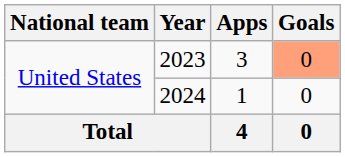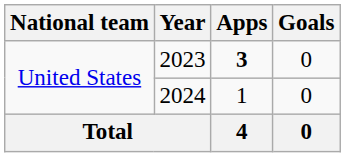 <table class="wikitable" style="text-align:center">
 <tr>
 <th>National team</th>
 <th>Year</th>
 <th>Apps</th>
 <th>Goals</th>
 </tr>
 <tr>
 <td rowspan="2"><a href='#'>United States</a></td>
 <td>2023</td>
-<td>3</td>
-<td style="background: lightsalmon;">0</td>
+<td><strong>3</strong></td>
+<td>0</td>
 </tr>
 <tr>
 <td>2024</td>
 <td>1</td>
 <td>0</td>
 </tr>
 <tr>
 <th colspan="2">Total</th>
 <th>4</th>
 <th>0</th>
 </tr>
 </table>
